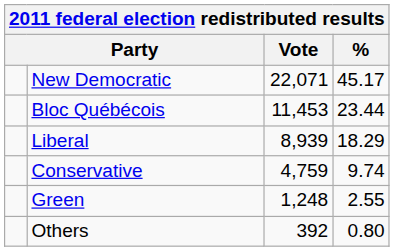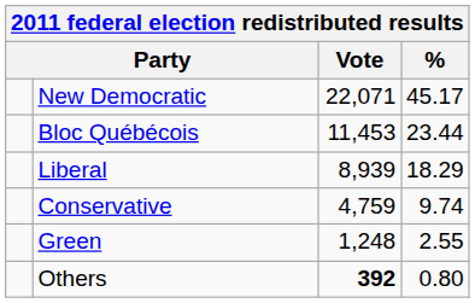 <table class="wikitable">
 <tr>
 <th colspan="4"><a href='#'>2011 federal election</a> redistributed results</th>
 </tr>
 <tr>
 <th bgcolor="#DDDDFF" width="130px" colspan="2">Party</th>
 <th bgcolor="#DDDDFF" width="50px">Vote</th>
 <th bgcolor="#DDDDFF" width="30px">%</th>
 </tr>
 <tr>
 <td> </td>
 <td><a href='#'>New Democratic</a></td>
 <td align=right>22,071</td>
 <td align=right>45.17</td>
 </tr>
 <tr>
 <td> </td>
 <td><a href='#'>Bloc Québécois</a></td>
 <td align=right>11,453</td>
 <td align=right>23.44</td>
 </tr>
 <tr>
 <td> </td>
 <td><a href='#'>Liberal</a></td>
 <td align=right>8,939</td>
 <td align=right>18.29</td>
 </tr>
 <tr>
 <td> </td>
 <td><a href='#'>Conservative</a></td>
 <td align=right>4,759</td>
 <td align=right>9.74</td>
 </tr>
 <tr>
 <td> </td>
 <td><a href='#'>Green</a></td>
 <td align=right>1,248</td>
 <td align=right>2.55</td>
 </tr>
 <tr>
 <td> </td>
 <td>Others</td>
-<td align=right>392</td>
+<td align=right><strong>392</strong></td>
 <td align=right>0.80</td>
 </tr>
 </table>
